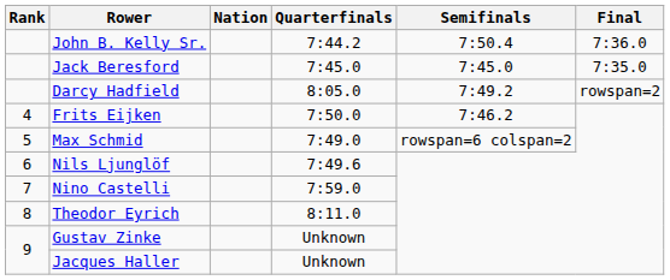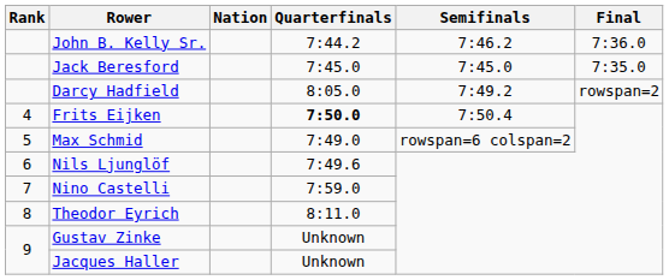 <table class="wikitable sortable" style="text-align:center">
 <tr>
 <th>Rank</th>
 <th>Rower</th>
 <th>Nation</th>
 <th>Quarterfinals</th>
 <th>Semifinals</th>
 <th>Final</th>
 </tr>
 <tr>
 <td></td>
 <td align=left><a href='#'>John B. Kelly Sr.</a></td>
 <td align=left></td>
 <td>7:44.2</td>
-<td>7:50.4</td>
+<td>7:46.2</td>
 <td>7:36.0</td>
 </tr>
 <tr>
 <td></td>
 <td align=left><a href='#'>Jack Beresford</a></td>
 <td align=left></td>
 <td>7:45.0</td>
 <td>7:45.0</td>
 <td>7:35.0</td>
 </tr>
 <tr>
 <td></td>
 <td align=left><a href='#'>Darcy Hadfield</a></td>
 <td align=left></td>
 <td>8:05.0</td>
 <td>7:49.2</td>
 <td>rowspan=2 </td>
 </tr>
 <tr>
 <td>4</td>
 <td align=left><a href='#'>Frits Eijken</a></td>
 <td align=left></td>
-<td>7:50.0</td>
-<td>7:46.2</td>
+<td><strong>7:50.0</strong></td>
+<td>7:50.4</td>
 </tr>
 <tr>
 <td>5</td>
 <td align=left><a href='#'>Max Schmid</a></td>
 <td align=left></td>
 <td>7:49.0</td>
 <td>rowspan=6 colspan=2 </td>
 </tr>
 <tr>
 <td>6</td>
 <td align=left><a href='#'>Nils Ljunglöf</a></td>
 <td align=left></td>
 <td>7:49.6</td>
 </tr>
 <tr>
 <td>7</td>
 <td align=left><a href='#'>Nino Castelli</a></td>
 <td align=left></td>
 <td>7:59.0</td>
 </tr>
 <tr>
 <td>8</td>
 <td align=left><a href='#'>Theodor Eyrich</a></td>
 <td align=left></td>
 <td>8:11.0</td>
 </tr>
 <tr>
 <td rowspan=2>9</td>
 <td align=left><a href='#'>Gustav Zinke</a></td>
 <td align=left></td>
 <td data-sort-value=9:99.9>Unknown</td>
 </tr>
 <tr>
 <td align=left><a href='#'>Jacques Haller</a></td>
 <td align=left></td>
 <td data-sort-value=9:99.9>Unknown</td>
 </tr>
 </table>
